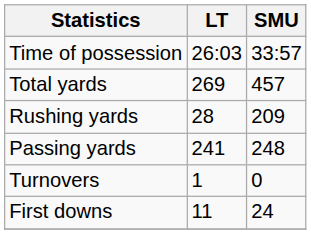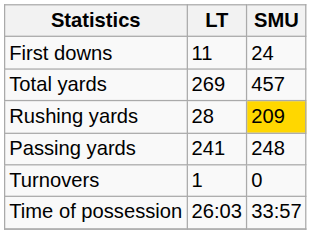 <table class="wikitable" style="float: left;">
 <tr>
 <th>Statistics</th>
 <th>LT</th>
 <th>SMU</th>
 </tr>
 <tr>
-<td>Time of possession</td>
-<td>26:03</td>
-<td>33:57</td>
+<td>First downs</td>
+<td>11</td>
+<td>24</td>
 </tr>
 <tr>
 <td>Total yards</td>
 <td>269</td>
 <td>457</td>
 </tr>
 <tr>
 <td>Rushing yards</td>
 <td>28</td>
-<td>209</td>
+<td style="background: gold;">209</td>
 </tr>
 <tr>
 <td>Passing yards</td>
 <td>241</td>
 <td>248</td>
 </tr>
 <tr>
 <td>Turnovers</td>
 <td>1</td>
 <td>0</td>
 </tr>
 <tr>
-<td>First downs</td>
-<td>11</td>
-<td>24</td>
+<td>Time of possession</td>
+<td>26:03</td>
+<td>33:57</td>
 </tr>
 <tr>
 </tr>
 </table>
